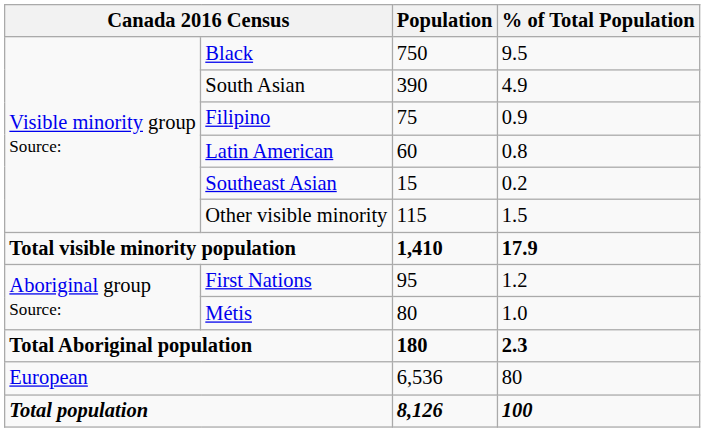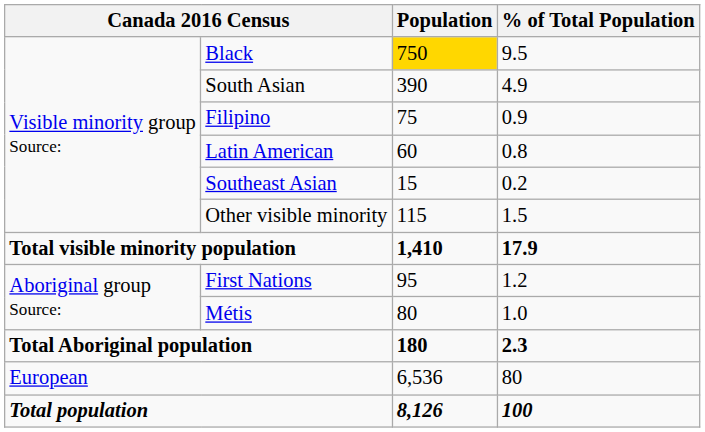 <table class="wikitable">
 <tr>
 <th colspan="2">Canada 2016 Census</th>
 <th>Population</th>
 <th>% of Total Population</th>
 </tr>
 <tr>
 <td rowspan="6"><a href='#'>Visible minority</a> group<br><small>Source:</small></td>
 <td><a href='#'>Black</a></td>
-<td>750</td>
+<td style="background: gold;">750</td>
 <td>9.5</td>
 </tr>
 <tr>
 <td>South Asian</td>
 <td>390</td>
 <td>4.9</td>
 </tr>
 <tr>
 <td><a href='#'>Filipino</a></td>
 <td>75</td>
 <td>0.9</td>
 </tr>
 <tr>
 <td><a href='#'>Latin American</a></td>
 <td>60</td>
 <td>0.8</td>
 </tr>
 <tr>
 <td><a href='#'>Southeast Asian</a></td>
 <td>15</td>
 <td>0.2</td>
 </tr>
 <tr>
 <td>Other visible minority</td>
 <td>115</td>
 <td>1.5</td>
 </tr>
 <tr>
 <td colspan="2"><strong>Total visible minority population</strong></td>
 <td><strong>1,410</strong></td>
 <td><strong>17.9</strong></td>
 </tr>
 <tr>
 <td rowspan="2"><a href='#'>Aboriginal</a> group<br><small>Source:</small></td>
 <td><a href='#'>First Nations</a></td>
 <td>95</td>
 <td>1.2</td>
 </tr>
 <tr>
 <td><a href='#'>Métis</a></td>
 <td>80</td>
 <td>1.0</td>
 </tr>
 <tr>
 <td colspan="2"><strong>Total Aboriginal population</strong></td>
 <td><strong>180</strong></td>
 <td><strong>2.3</strong></td>
 </tr>
 <tr>
 <td colspan="2"><a href='#'>European</a></td>
 <td>6,536</td>
 <td>80</td>
 </tr>
 <tr>
 <td colspan="2"><strong><em>Total population</em></strong></td>
 <td><strong><em>8,126</em></strong></td>
 <td><strong><em>100</em></strong></td>
 </tr>
 </table>
